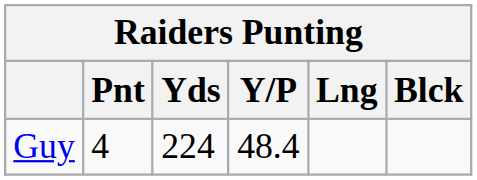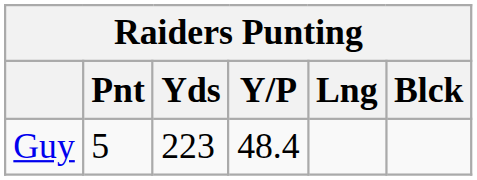 <table class="wikitable">
 <tr>
 <th colspan="6">Raiders Punting</th>
 </tr>
 <tr>
 <th></th>
 <th>Pnt</th>
 <th>Yds</th>
 <th>Y/P</th>
 <th>Lng</th>
 <th>Blck</th>
 </tr>
 <tr>
 <td><a href='#'>Guy</a></td>
-<td>4</td>
-<td>224</td>
+<td>5</td>
+<td>223</td>
 <td>48.4</td>
 <td></td>
 <td></td>
 </tr>
 </table>
